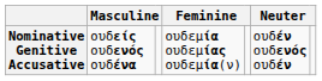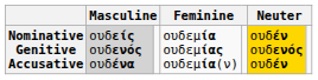 <table class="wikitable">
 <tr>
 <th colspan="1" rowspan="1"> </th>
 <th colspan="2" rowspan="1">Masculine</th>
 <th colspan="2">Feminine</th>
 <th colspan="2" rowspan="1">Neuter</th>
 </tr>
 <tr>
 <th>Nominative<br>Genitive<br>Accusative</th>
-<td>ουδ<strong>είς</strong><br>ουδ<strong>ενός</strong><br>ουδ<strong>ένα</strong></td>
+<td style="background: lightgrey;">ουδ<strong>είς</strong><br>ουδ<strong>ενός</strong><br>ουδ<strong>ένα</strong></td>
 <td><br><br></td>
 <td>ουδεμ<strong>ία</strong><br>ουδεμ<strong>ίας</strong><br>ουδεμ<strong>ία</strong>(ν)</td>
 <td><br><br></td>
-<td>ουδ<strong>έν</strong><br>ουδ<strong>ενός</strong><br>ουδ<strong>έν</strong></td>
+<td style="background: gold;">ουδ<strong>έν</strong><br>ουδ<strong>ενός</strong><br>ουδ<strong>έν</strong></td>
 <td><br><br></td>
 </tr>
 </table>
